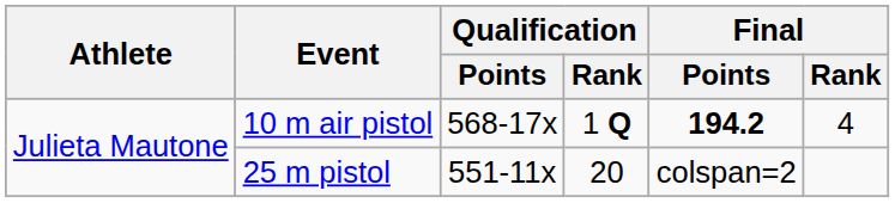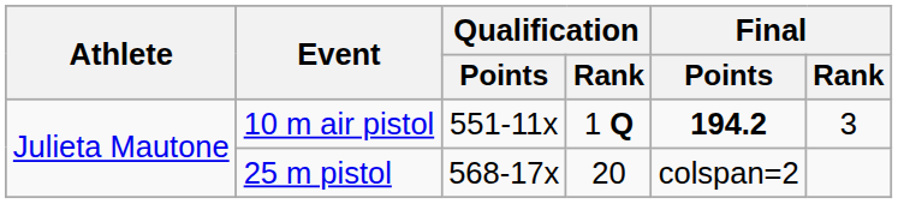 <table class=wikitable style=font-size:90%;text-align:center>
 <tr>
 <th rowspan=2>Athlete</th>
 <th rowspan=2>Event</th>
 <th colspan=2>Qualification</th>
 <th colspan=2>Final</th>
 </tr>
 <tr style=font-size:95%>
 <th>Points</th>
 <th>Rank</th>
 <th>Points</th>
 <th>Rank</th>
 </tr>
 <tr>
 <td align=left rowspan=2><a href='#'>Julieta Mautone</a></td>
 <td align=left><a href='#'>10 m air pistol</a></td>
-<td>568-17x</td>
+<td>551-11x</td>
 <td>1 <strong>Q</strong></td>
 <td><strong>194.2</strong></td>
-<td>4</td>
+<td>3</td>
 </tr>
 <tr>
 <td align=left><a href='#'>25 m pistol</a></td>
-<td>551-11x</td>
+<td>568-17x</td>
 <td>20</td>
 <td>colspan=2 </td>
 </tr>
 </table>
